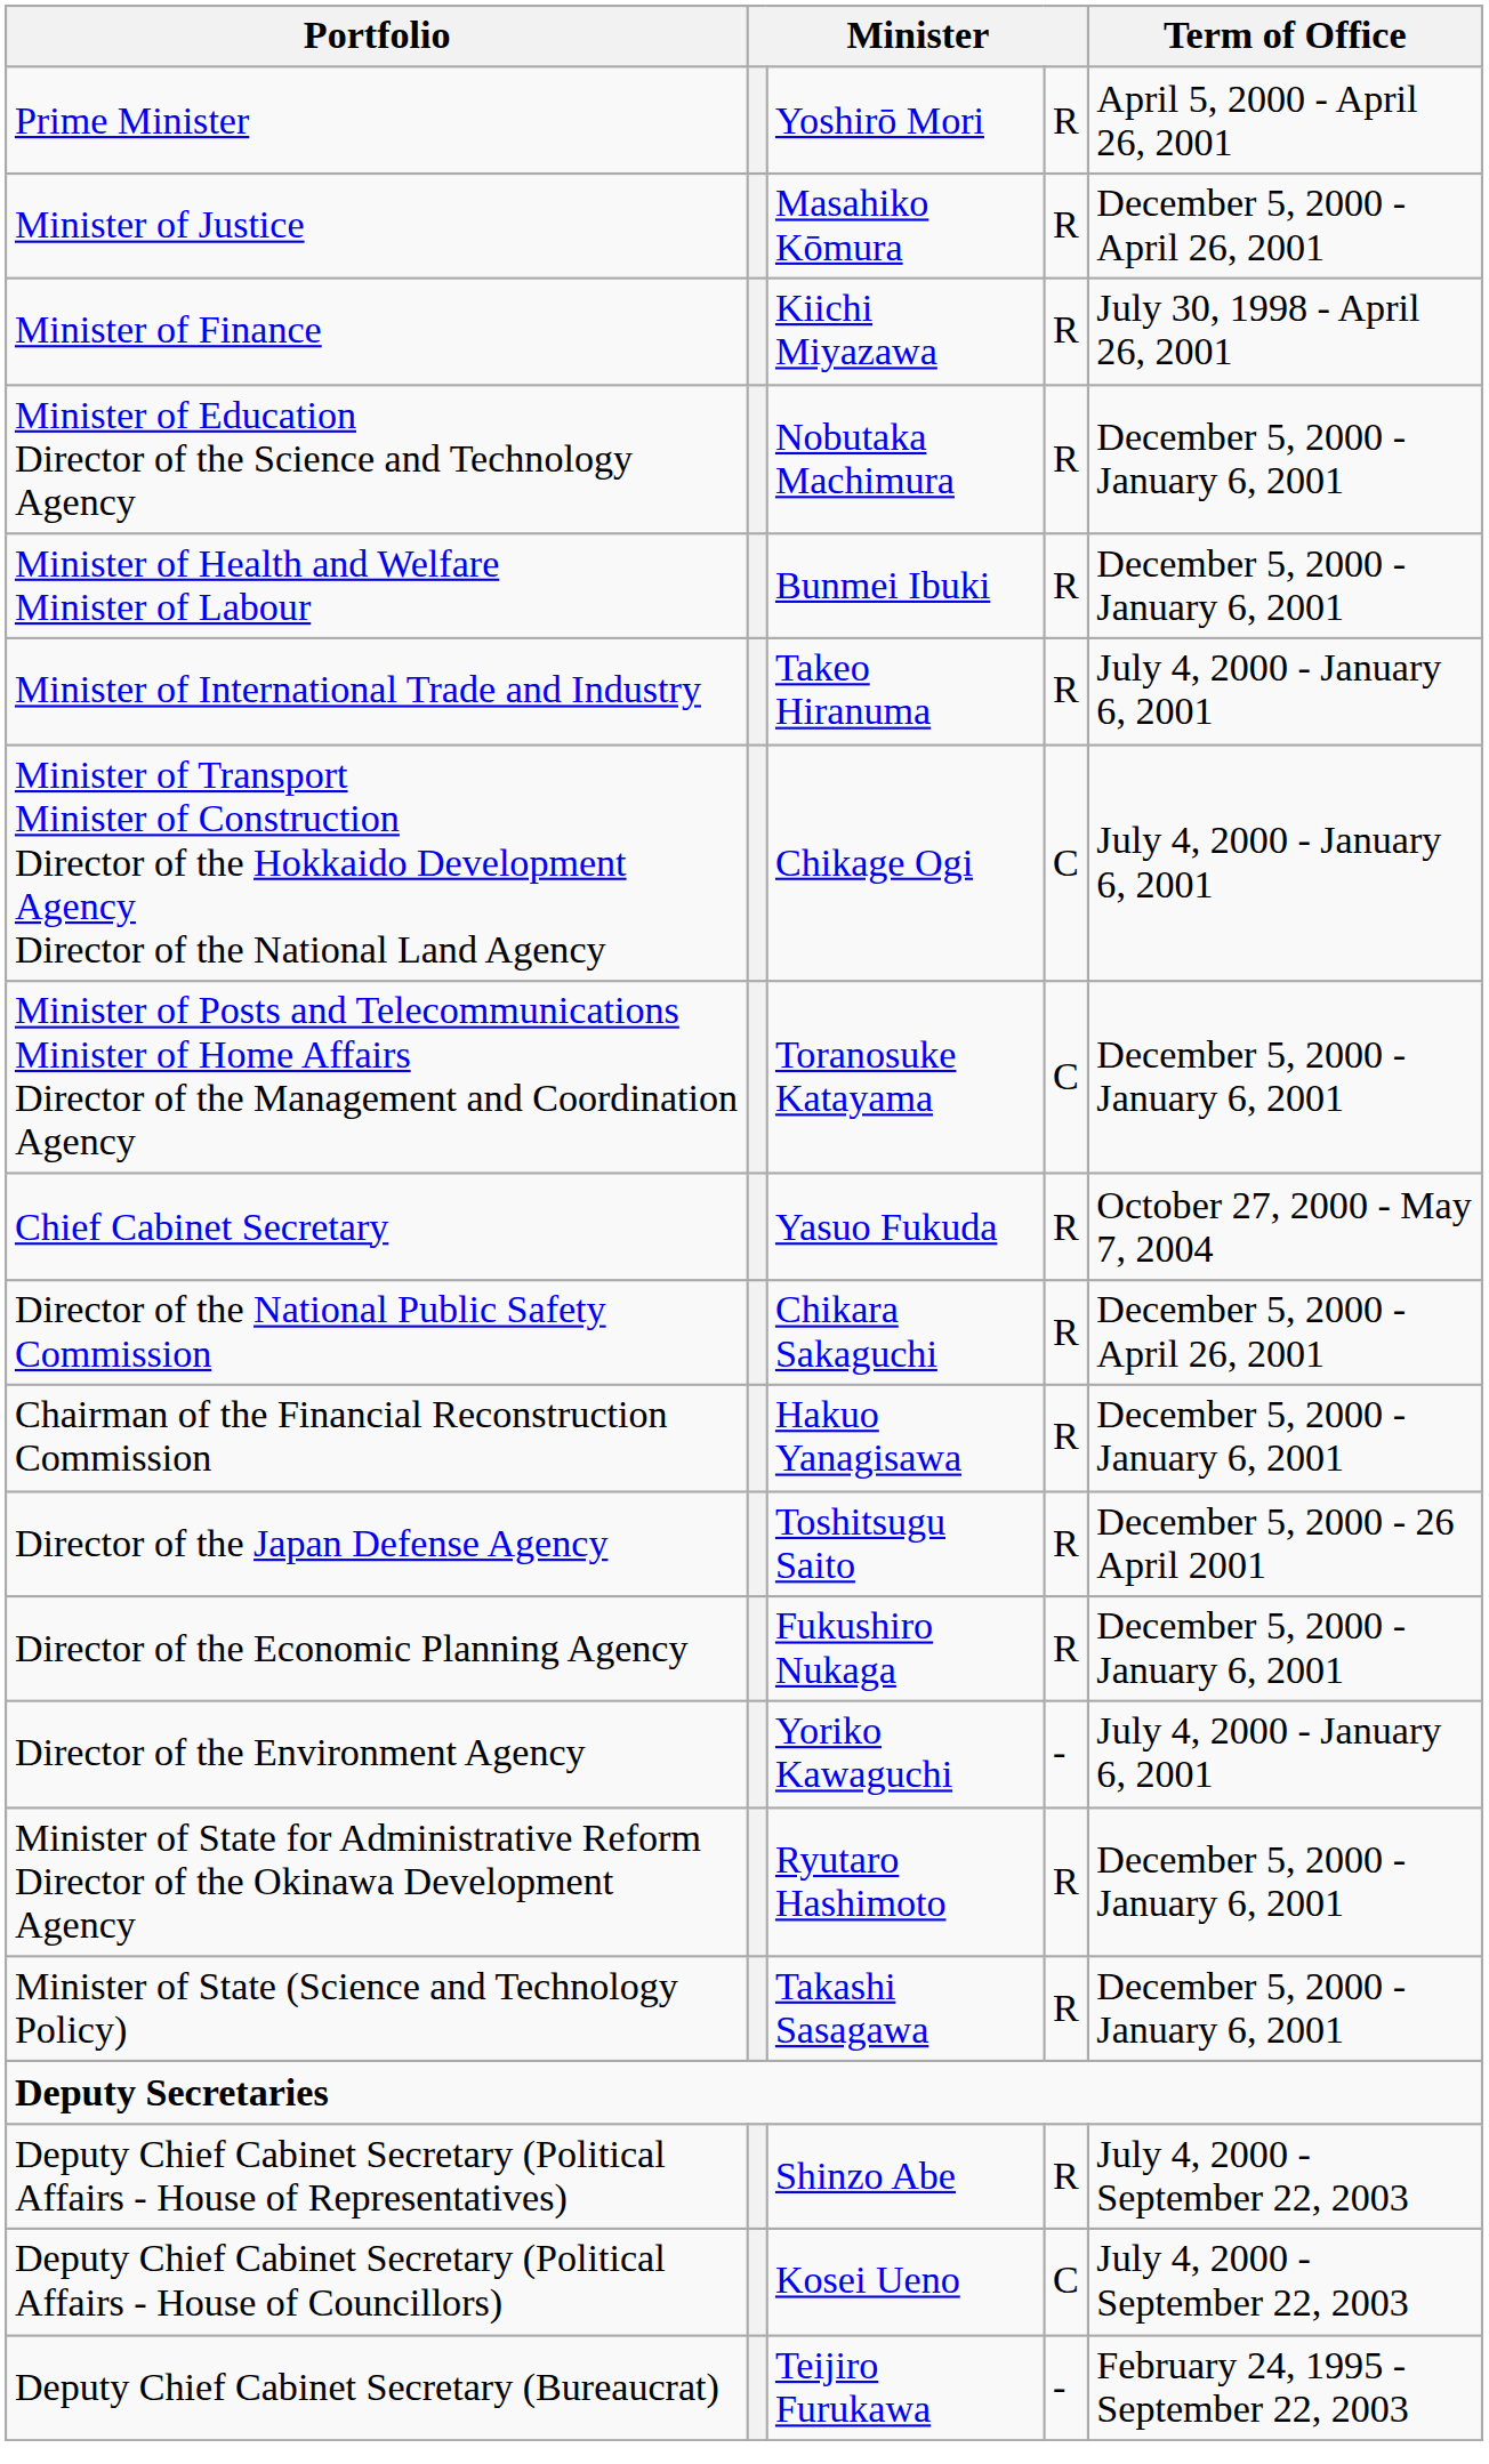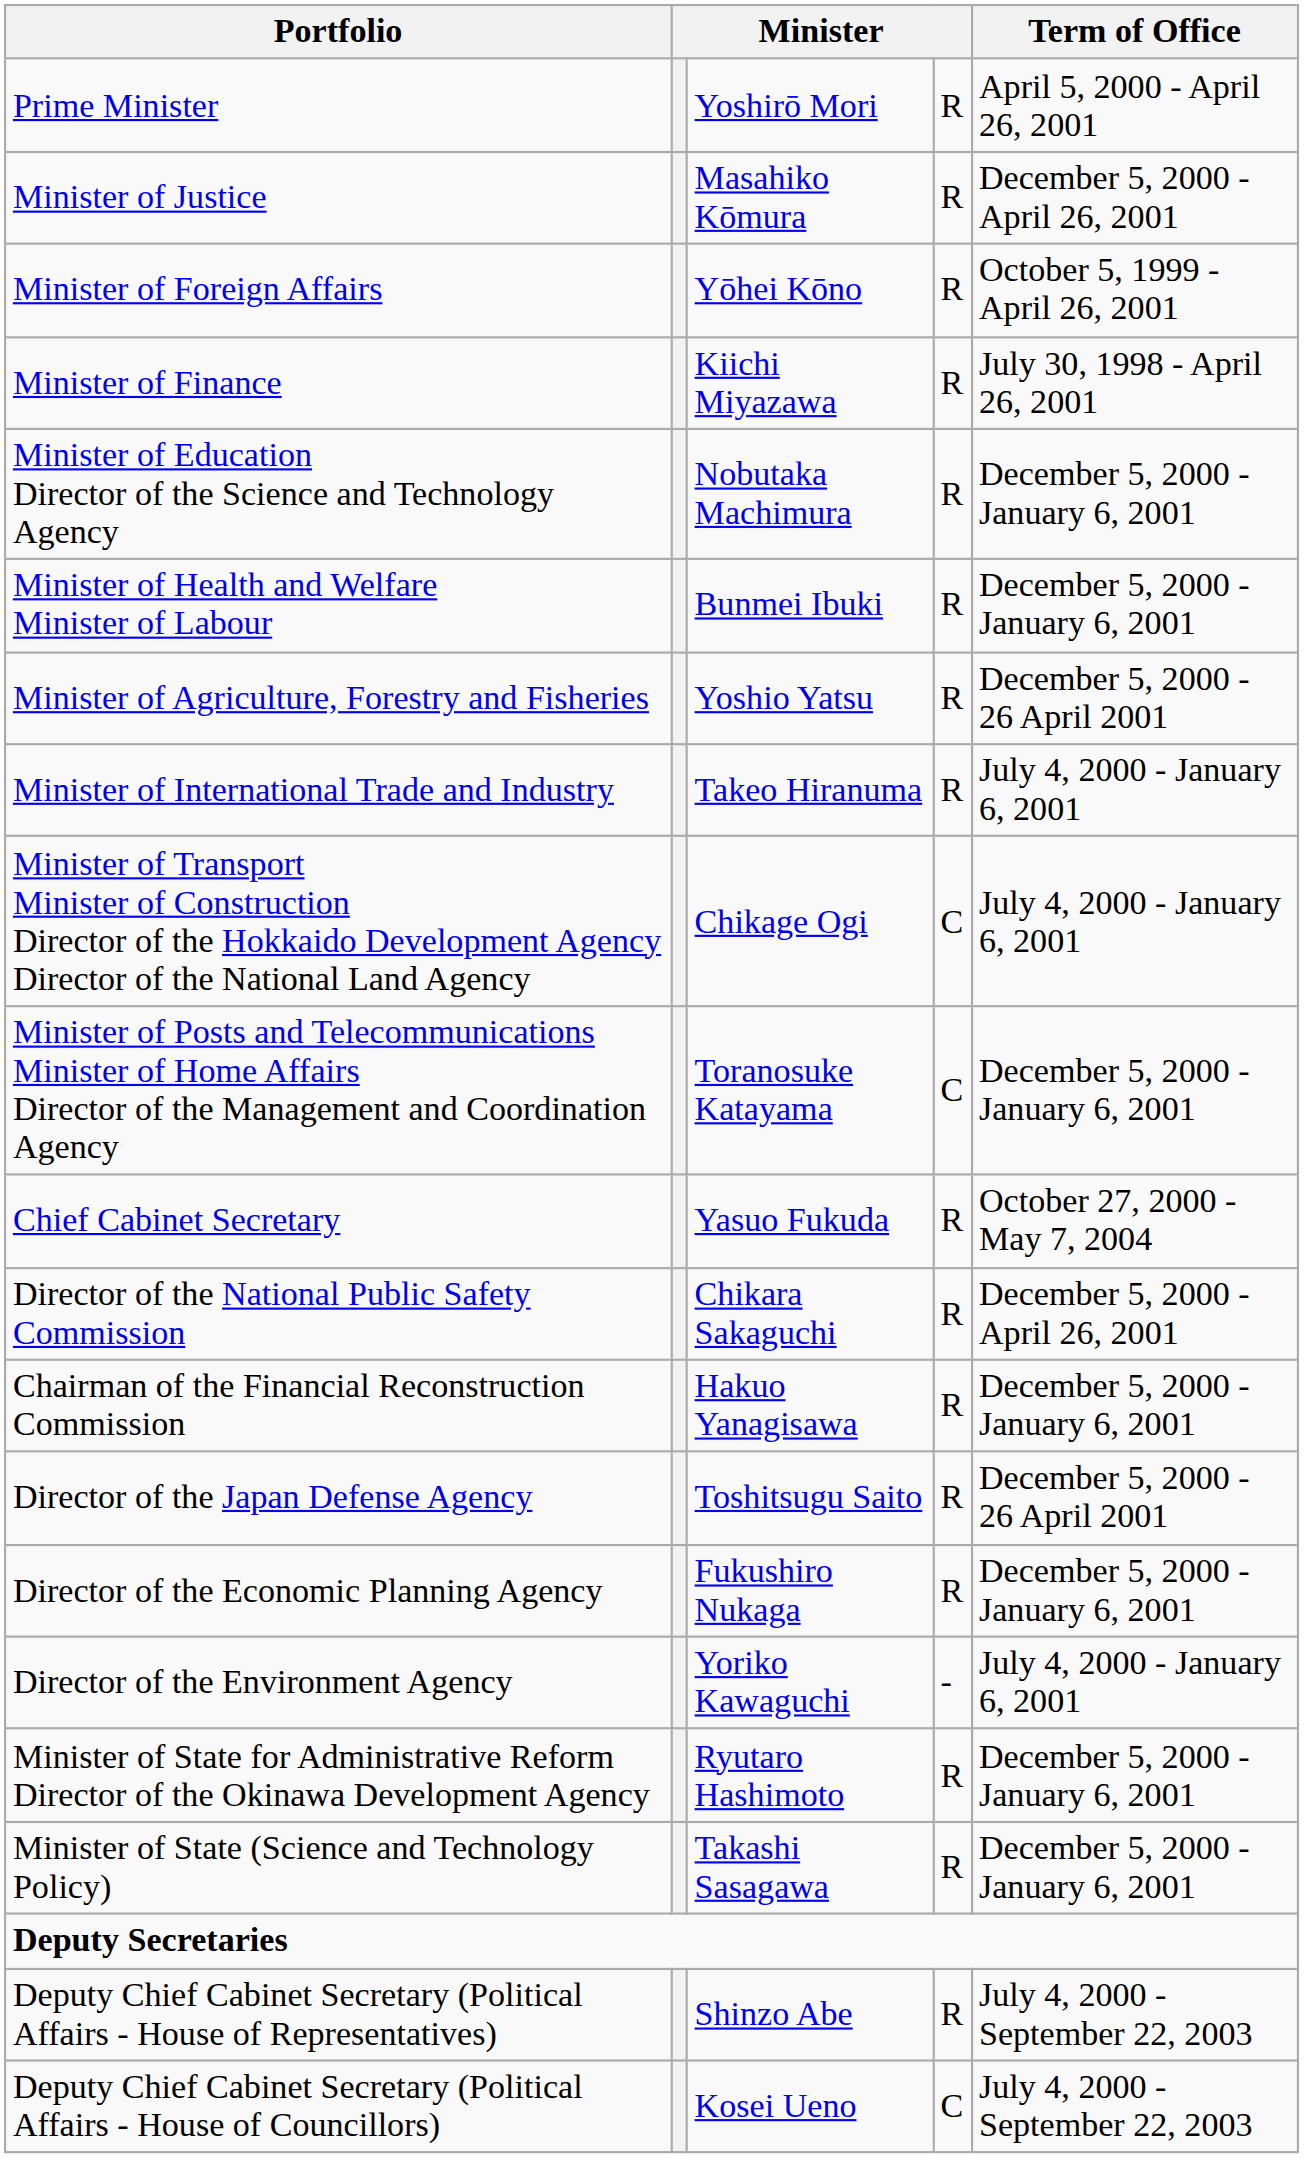 <table class="wikitable">
 <tr>
 <th>Portfolio</th>
 <th colspan=3>Minister</th>
 <th>Term of Office</th>
 </tr>
 <tr>
 <td><a href='#'>Prime Minister</a></td>
 <th style="color:inherit;background-color: "></th>
 <td><a href='#'>Yoshirō Mori</a></td>
 <td>R</td>
 <td>April 5, 2000 - April 26, 2001</td>
 </tr>
 <tr>
 <td><a href='#'>Minister of Justice</a></td>
 <th style="color:inherit;background-color: "></th>
 <td><a href='#'>Masahiko Kōmura</a></td>
 <td>R</td>
 <td>December 5, 2000 - April 26, 2001</td>
 </tr>
 <tr>
+<td><a href='#'>Minister of Foreign Affairs</a></td>
+<th style="color:inherit;background-color: "></th>
+<td><a href='#'>Yōhei Kōno</a></td>
+<td>R</td>
+<td>October 5, 1999 - April 26, 2001</td>
+</tr>
+<tr>
 <td><a href='#'>Minister of Finance</a></td>
 <th style="color:inherit;background-color: "></th>
 <td><a href='#'>Kiichi Miyazawa</a></td>
 <td>R</td>
 <td>July 30, 1998 - April 26, 2001</td>
 </tr>
 <tr>
 <td><a href='#'>Minister of Education</a> <br>Director of the Science and Technology Agency</td>
 <th style="color:inherit;background-color: "></th>
 <td><a href='#'>Nobutaka Machimura</a></td>
 <td>R</td>
 <td>December 5, 2000 - January 6, 2001</td>
 </tr>
 <tr>
 <td><a href='#'>Minister of Health and Welfare</a> <br><a href='#'>Minister of Labour</a></td>
 <th style="color:inherit;background-color: "></th>
 <td><a href='#'>Bunmei Ibuki</a></td>
 <td>R</td>
 <td>December 5, 2000 - January 6, 2001</td>
+</tr>
+<tr>
+<td><a href='#'>Minister of Agriculture, Forestry and Fisheries</a></td>
+<th style="color:inherit;background-color: "></th>
+<td><a href='#'>Yoshio Yatsu</a></td>
+<td>R</td>
+<td>December 5, 2000 - 26 April 2001</td>
 </tr>
 <tr>
 <td><a href='#'>Minister of International Trade and Industry</a></td>
 <th style="color:inherit;background-color: "></th>
 <td><a href='#'>Takeo Hiranuma</a></td>
 <td>R</td>
 <td>July 4, 2000 - January 6, 2001</td>
 </tr>
 <tr>
 <td><a href='#'>Minister of Transport</a> <br><a href='#'>Minister of Construction</a> <br>Director of the <a href='#'>Hokkaido Development Agency</a> <br>Director of the National Land Agency</td>
 <th style="color:inherit;background-color: "></th>
 <td><a href='#'>Chikage Ogi</a></td>
 <td>C</td>
 <td>July 4, 2000 - January 6, 2001</td>
 </tr>
 <tr>
 <td><a href='#'>Minister of Posts and Telecommunications</a> <br><a href='#'>Minister of Home Affairs</a> <br>Director of the Management and Coordination Agency</td>
 <th style="color:inherit;background-color: "></th>
 <td><a href='#'>Toranosuke Katayama</a></td>
 <td>C</td>
 <td>December 5, 2000 - January 6, 2001</td>
 </tr>
 <tr>
 <td><a href='#'>Chief Cabinet Secretary</a></td>
 <th style="color:inherit;background-color: "></th>
 <td><a href='#'>Yasuo Fukuda</a></td>
 <td>R</td>
 <td>October 27, 2000 - May 7, 2004</td>
 </tr>
 <tr>
 <td>Director of the <a href='#'>National Public Safety Commission</a></td>
 <th style="color:inherit;background-color: "></th>
 <td><a href='#'>Chikara Sakaguchi</a></td>
 <td>R</td>
 <td>December 5, 2000 - April 26, 2001</td>
 </tr>
 <tr>
 <td>Chairman of the Financial Reconstruction Commission</td>
 <th style="color:inherit;background-color: "></th>
 <td><a href='#'>Hakuo Yanagisawa</a></td>
 <td>R</td>
 <td>December 5, 2000 - January 6, 2001</td>
 </tr>
 <tr>
 <td>Director of the <a href='#'>Japan Defense Agency</a></td>
 <th style="color:inherit;background-color: "></th>
 <td><a href='#'>Toshitsugu Saito</a></td>
 <td>R</td>
 <td>December 5, 2000 - 26 April 2001</td>
 </tr>
 <tr>
 <td>Director of the Economic Planning Agency</td>
 <th style="color:inherit;background-color: "></th>
 <td><a href='#'>Fukushiro Nukaga</a></td>
 <td>R</td>
 <td>December 5, 2000 - January 6, 2001</td>
 </tr>
 <tr>
 <td>Director of the Environment Agency</td>
 <th style="color:inherit;background-color: "></th>
 <td><a href='#'>Yoriko Kawaguchi</a></td>
 <td>-</td>
 <td>July 4, 2000 - January 6, 2001</td>
 </tr>
 <tr>
 <td>Minister of State for Administrative Reform <br>Director of the Okinawa Development Agency</td>
 <th style="color:inherit;background-color: "></th>
 <td><a href='#'>Ryutaro Hashimoto</a></td>
 <td>R</td>
 <td>December 5, 2000 - January 6, 2001</td>
 </tr>
 <tr>
 <td>Minister of State (Science and Technology Policy)</td>
 <th style="color:inherit;background-color: "></th>
 <td><a href='#'>Takashi Sasagawa</a></td>
 <td>R</td>
 <td>December 5, 2000 - January 6, 2001</td>
 </tr>
 <tr>
 <td colspan=5><strong>Deputy Secretaries</strong></td>
 </tr>
 <tr>
 <td>Deputy Chief Cabinet Secretary (Political Affairs - House of Representatives)</td>
 <th style="color:inherit;background-color: "></th>
 <td><a href='#'>Shinzo Abe</a></td>
 <td>R</td>
 <td>July 4, 2000 - September 22, 2003</td>
 </tr>
 <tr>
 <td>Deputy Chief Cabinet Secretary (Political Affairs - House of Councillors)</td>
 <th style="color:inherit;background-color: "></th>
 <td><a href='#'>Kosei Ueno</a></td>
 <td>C</td>
 <td>July 4, 2000 - September 22, 2003</td>
 </tr>
-<tr>
-<td>Deputy Chief Cabinet Secretary (Bureaucrat)</td>
-<th style="color:inherit;background-color: "></th>
-<td><a href='#'>Teijiro Furukawa</a></td>
-<td>-</td>
-<td>February 24, 1995 - September 22, 2003</td>
-</tr>
 </table>
